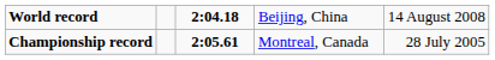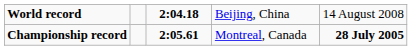 <table class="wikitable">
 <tr>
 <td><strong>World record</strong></td>
 <td style="padding-right:1em"></td>
 <td style="text-align:center;padding-left:1em; padding-right:1em;"><strong>2:04.18</strong></td>
 <td style="padding-right:1em"><a href='#'>Beijing</a>, China</td>
 <td align=right>14 August 2008</td>
 </tr>
 <tr>
 <td><strong>Championship record</strong></td>
 <td style="padding-right:1em"></td>
 <td style="text-align:center;padding-left:1em; padding-right:1em;"><strong>2:05.61</strong></td>
 <td style="padding-right:1em"><a href='#'>Montreal</a>, Canada</td>
-<td align=right>28 July 2005</td>
+<td align=right><strong>28 July 2005</strong></td>
 </tr>
 </table>
